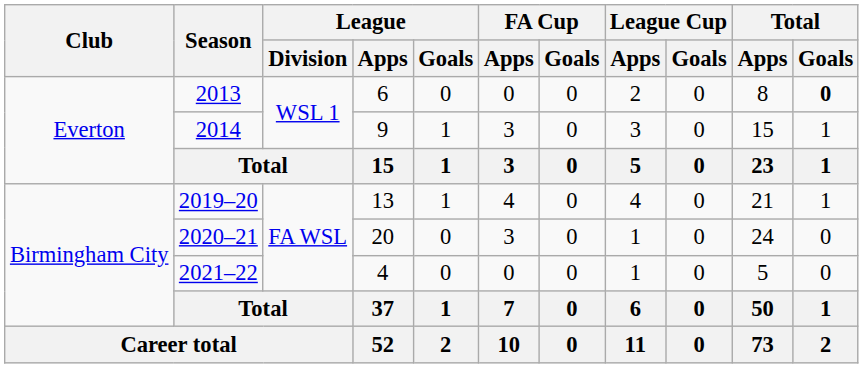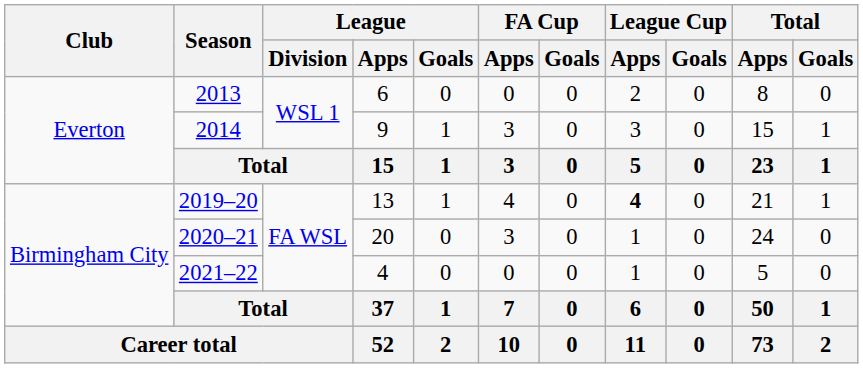 <table class="wikitable" style="text-align:center">
 <tr>
 <th rowspan="2">Club</th>
 <th rowspan="2">Season</th>
 <th colspan="3">League</th>
 <th colspan="2">FA Cup</th>
 <th colspan="2">League Cup</th>
 <th colspan="2">Total</th>
 </tr>
 <tr>
 <th>Division</th>
 <th>Apps</th>
 <th>Goals</th>
 <th>Apps</th>
 <th>Goals</th>
 <th>Apps</th>
 <th>Goals</th>
 <th>Apps</th>
 <th>Goals</th>
 </tr>
 <tr>
 <td rowspan="3"><a href='#'>Everton</a></td>
 <td><a href='#'>2013</a></td>
 <td rowspan="2"><a href='#'>WSL 1</a></td>
 <td>6</td>
 <td>0</td>
 <td>0</td>
 <td>0</td>
 <td>2</td>
 <td>0</td>
 <td>8</td>
-<td><strong>0</strong></td>
+<td>0</td>
 </tr>
 <tr>
 <td><a href='#'>2014</a></td>
 <td>9</td>
 <td>1</td>
 <td>3</td>
 <td>0</td>
 <td>3</td>
 <td>0</td>
 <td>15</td>
 <td>1</td>
 </tr>
 <tr>
 <th colspan="2">Total</th>
 <th>15</th>
 <th>1</th>
 <th>3</th>
 <th>0</th>
 <th>5</th>
 <th>0</th>
 <th>23</th>
 <th>1</th>
 </tr>
 <tr>
 <td rowspan="4"><a href='#'>Birmingham City</a></td>
 <td><a href='#'>2019–20</a></td>
 <td rowspan="3"><a href='#'>FA WSL</a></td>
 <td>13</td>
 <td>1</td>
 <td>4</td>
 <td>0</td>
-<td>4</td>
+<td><strong>4</strong></td>
 <td>0</td>
 <td>21</td>
 <td>1</td>
 </tr>
 <tr>
 <td><a href='#'>2020–21</a></td>
 <td>20</td>
 <td>0</td>
 <td>3</td>
 <td>0</td>
 <td>1</td>
 <td>0</td>
 <td>24</td>
 <td>0</td>
 </tr>
 <tr>
 <td><a href='#'>2021–22</a></td>
 <td>4</td>
 <td>0</td>
 <td>0</td>
 <td>0</td>
 <td>1</td>
 <td>0</td>
 <td>5</td>
 <td>0</td>
 </tr>
 <tr>
 <th colspan="2">Total</th>
 <th>37</th>
 <th>1</th>
 <th>7</th>
 <th>0</th>
 <th>6</th>
 <th>0</th>
 <th>50</th>
 <th>1</th>
 </tr>
 <tr>
 <th colspan="3">Career total</th>
 <th>52</th>
 <th>2</th>
 <th>10</th>
 <th>0</th>
 <th>11</th>
 <th>0</th>
 <th>73</th>
 <th>2</th>
 </tr>
 </table>
